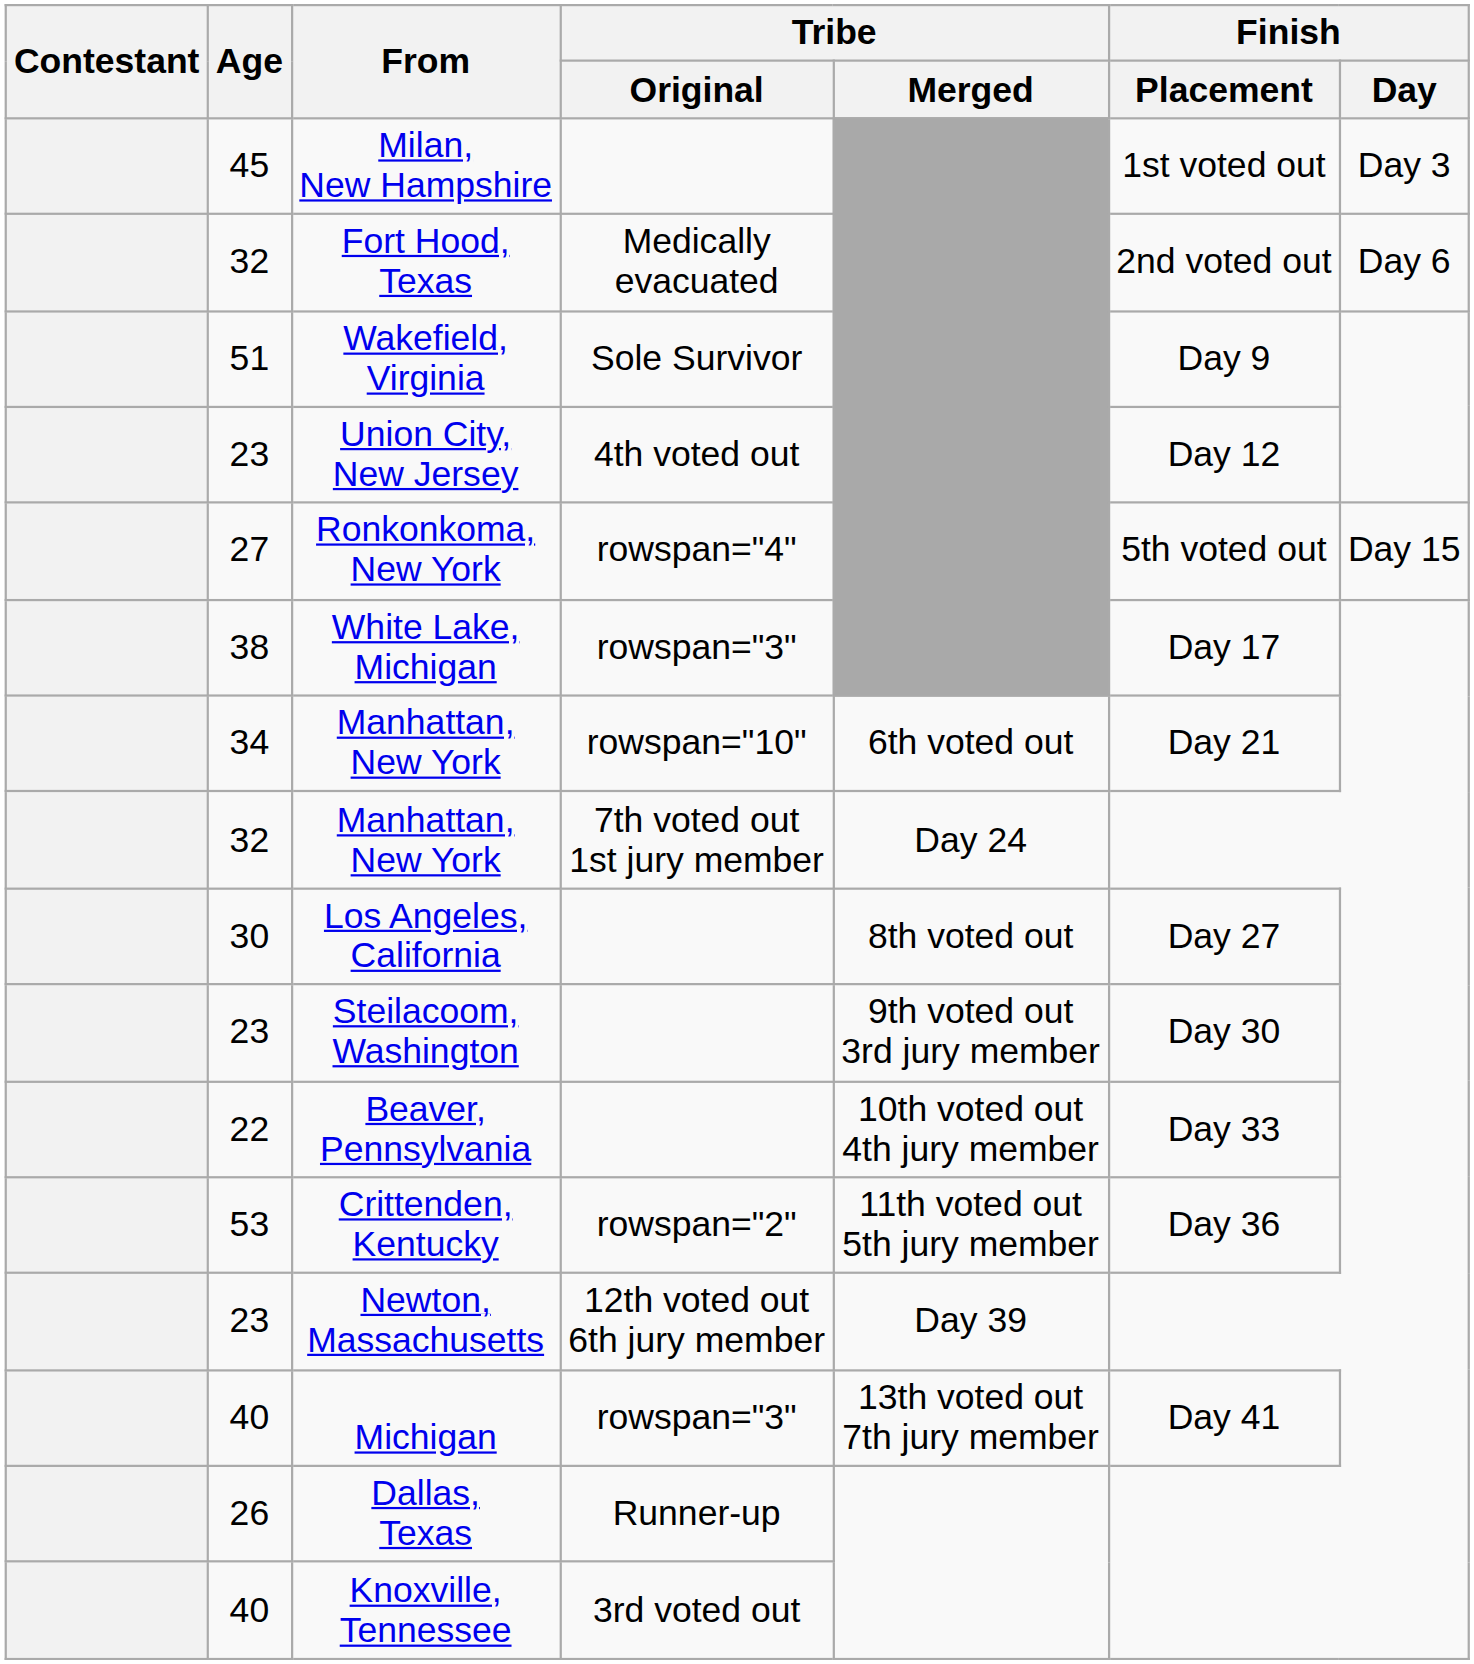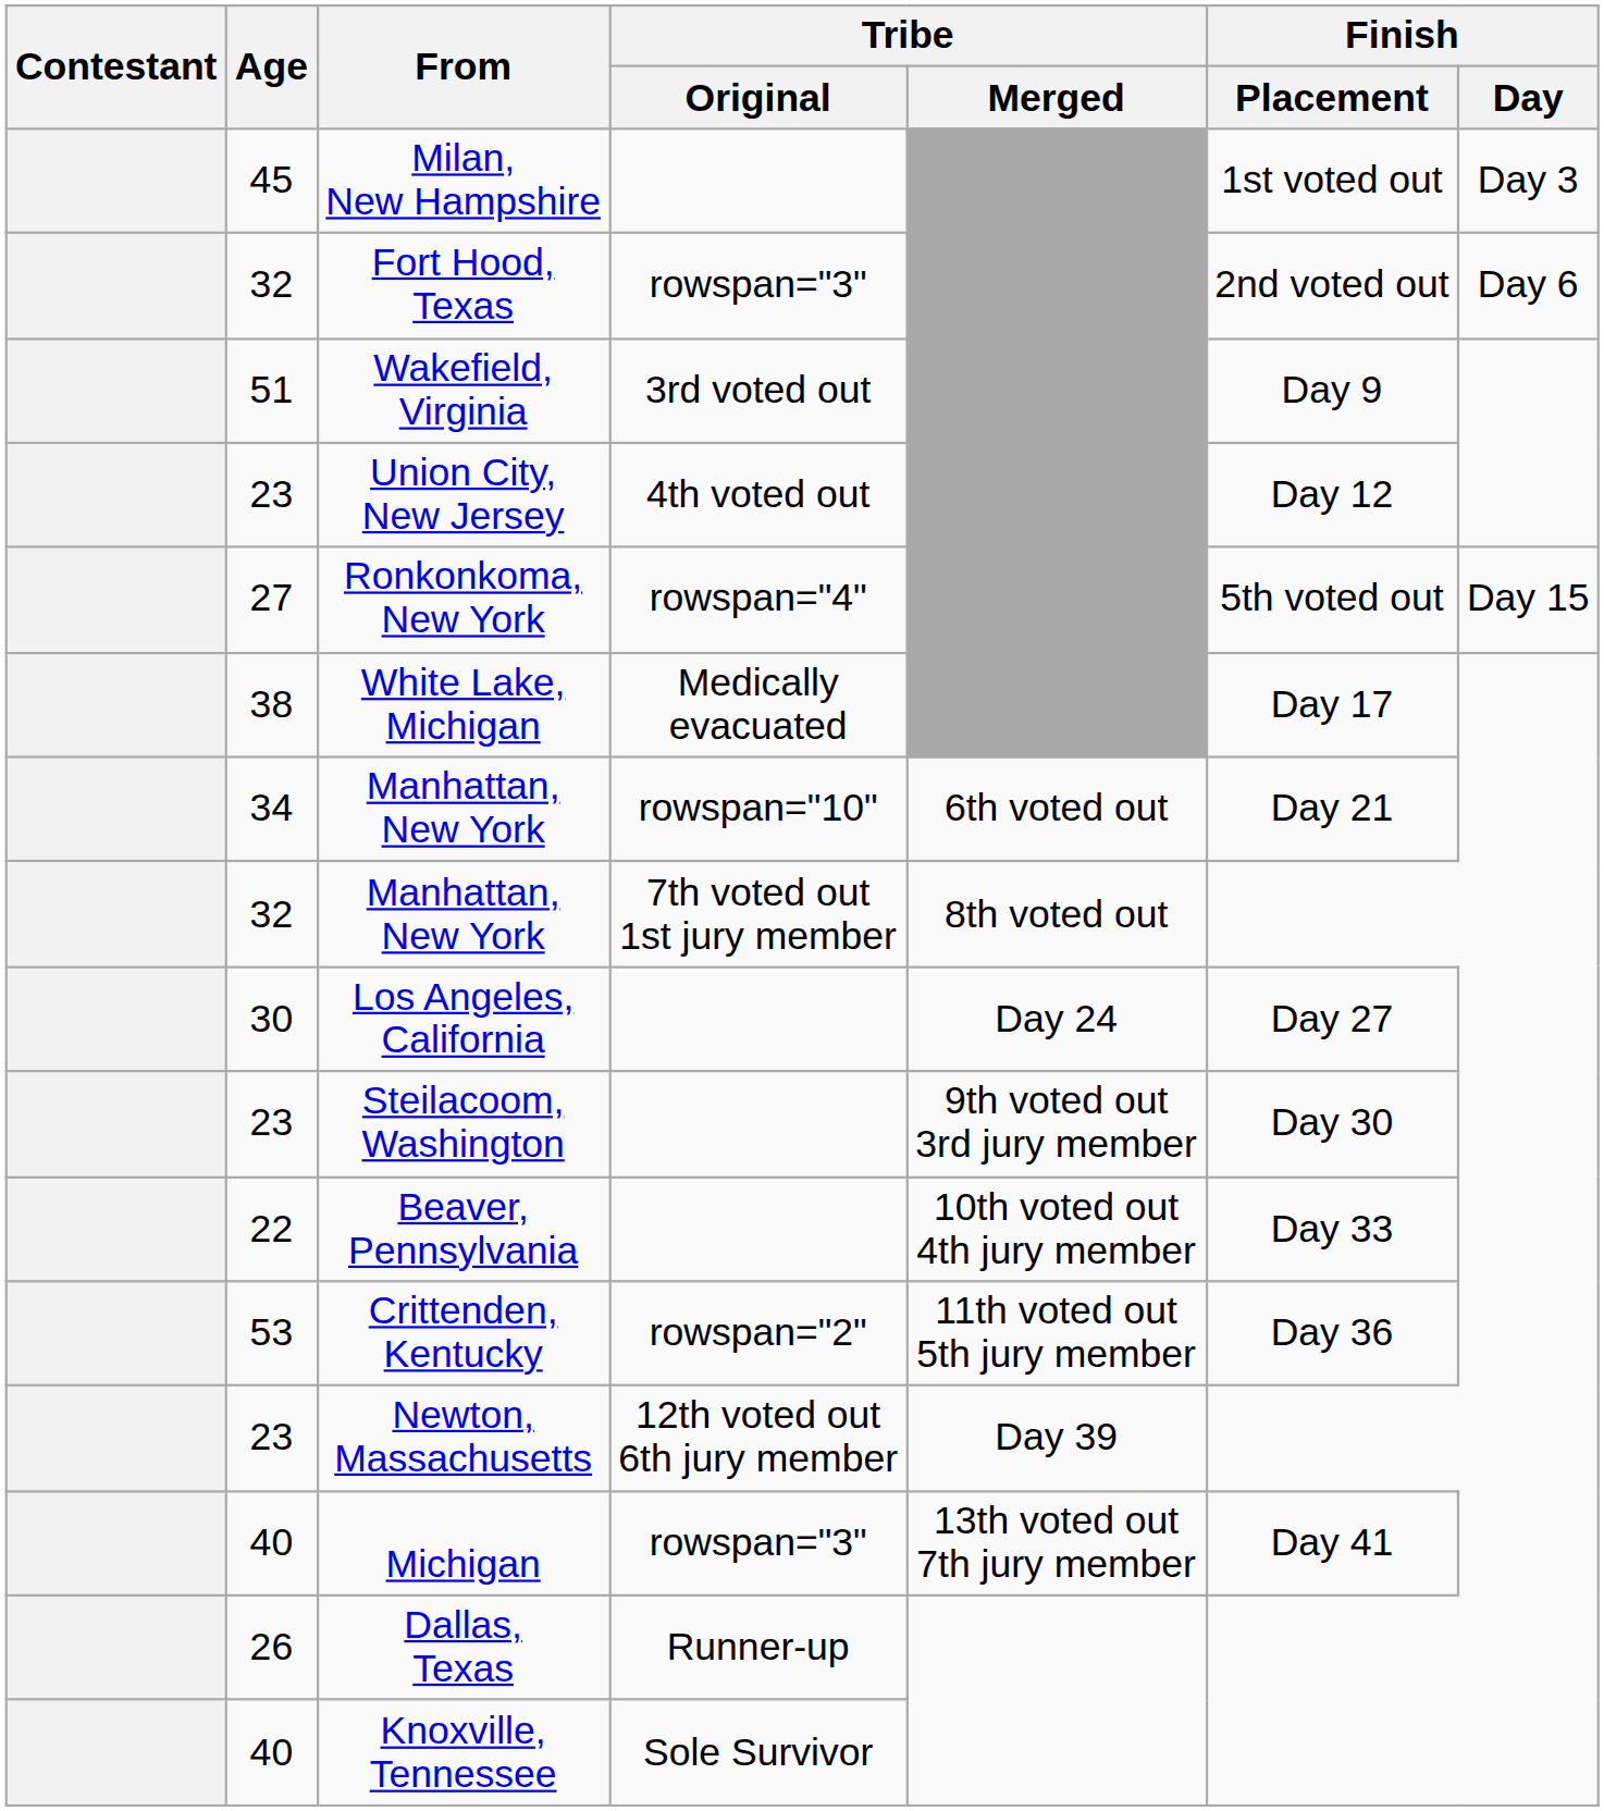 <table class="wikitable sortable" style="margin:auto; text-align:center;">
 <tr>
 <th rowspan="2" scope="col">Contestant</th>
 <th rowspan="2" scope="col">Age</th>
 <th rowspan="2" scope="col" class=unsortable>From</th>
 <th colspan="2" scope="colgroup">Tribe</th>
 <th colspan="2" scope="colgroup">Finish</th>
 </tr>
 <tr>
 <th scope="col">Original</th>
 <th scope="col" class=unsortable>Merged</th>
 <th scope="col" class=unsortable>Placement</th>
 <th scope="col" class=unsortable>Day</th>
 </tr>
 <tr>
 <th scope="row" style="text-align:left;"></th>
 <td>45</td>
 <td><a href='#'>Milan,<br>New Hampshire</a></td>
 <td></td>
 <td rowspan="6" style="background-color:darkgrey;"></td>
 <td>1st voted out</td>
 <td>Day 3</td>
 </tr>
 <tr>
 <th scope="row" style="text-align:left;"></th>
 <td>32</td>
 <td><a href='#'>Fort Hood,<br>Texas</a></td>
-<td>Medically<br>evacuated</td>
+<td>rowspan="3" </td>
 <td>2nd voted out</td>
 <td>Day 6</td>
 </tr>
 <tr>
 <th scope="row" style="text-align:left;"></th>
 <td>51</td>
 <td><a href='#'>Wakefield,<br>Virginia</a></td>
-<td>Sole Survivor</td>
+<td>3rd voted out</td>
 <td>Day 9</td>
 </tr>
 <tr>
 <th scope="row" style="text-align:left;"></th>
 <td>23</td>
 <td><a href='#'>Union City,<br>New Jersey</a></td>
 <td>4th voted out</td>
 <td>Day 12</td>
 </tr>
 <tr>
 <th scope="row" style="text-align:left;"></th>
 <td>27</td>
 <td><a href='#'>Ronkonkoma,<br>New York</a></td>
 <td>rowspan="4" </td>
 <td>5th voted out</td>
 <td>Day 15</td>
 </tr>
 <tr>
 <th scope="row" style="text-align:left;"></th>
 <td>38</td>
 <td><a href='#'>White Lake,<br>Michigan</a></td>
-<td>rowspan="3" </td>
+<td>Medically<br>evacuated</td>
 <td>Day 17</td>
 </tr>
 <tr>
 <th scope="row" style="text-align:left;"></th>
 <td>34</td>
 <td><a href='#'>Manhattan,<br>New York</a></td>
 <td>rowspan="10" </td>
 <td>6th voted out</td>
 <td>Day 21</td>
 </tr>
 <tr>
 <th scope="row" style="text-align:left;"></th>
 <td>32</td>
 <td><a href='#'>Manhattan,<br>New York</a></td>
 <td>7th voted out<br>1st jury member</td>
-<td>Day 24</td>
+<td>8th voted out<br></td>
 </tr>
 <tr>
 <th scope="row" style="text-align:left;"></th>
 <td>30</td>
 <td><a href='#'>Los Angeles,<br>California</a></td>
 <td></td>
-<td>8th voted out<br></td>
+<td>Day 24</td>
 <td>Day 27</td>
 </tr>
 <tr>
 <th scope="row" style="text-align:left;"></th>
 <td>23</td>
 <td><a href='#'>Steilacoom,<br>Washington</a></td>
 <td></td>
 <td>9th voted out<br>3rd jury member</td>
 <td>Day 30</td>
 </tr>
 <tr>
 <th scope="row" style="text-align:left;"></th>
 <td>22</td>
 <td><a href='#'>Beaver,<br>Pennsylvania</a></td>
 <td></td>
 <td>10th voted out<br>4th jury member</td>
 <td>Day 33</td>
 </tr>
 <tr>
 <th scope="row" style="text-align:left;"></th>
 <td>53</td>
 <td><a href='#'>Crittenden,<br>Kentucky</a></td>
 <td>rowspan="2" </td>
 <td>11th voted out<br>5th jury member</td>
 <td>Day 36</td>
 </tr>
 <tr>
 <th scope="row" style="text-align:left;"></th>
 <td>23</td>
 <td><a href='#'>Newton,<br>Massachusetts</a></td>
 <td>12th voted out<br>6th jury member</td>
 <td>Day 39</td>
 </tr>
 <tr>
 <th scope="row" style="text-align:left;"></th>
 <td>40</td>
 <td><a href='#'><br>Michigan</a></td>
 <td>rowspan="3" </td>
 <td>13th voted out<br>7th jury member</td>
 <td>Day 41</td>
 </tr>
 <tr>
 <th scope="row" style="text-align:left;"></th>
 <td>26</td>
 <td><a href='#'>Dallas,<br>Texas</a></td>
 <td>Runner-up</td>
 <td rowspan="2"></td>
 </tr>
 <tr>
 <th scope="row" style="text-align:left;"></th>
 <td>40</td>
 <td><a href='#'>Knoxville,<br>Tennessee</a></td>
-<td>3rd voted out</td>
+<td>Sole Survivor</td>
 </tr>
 </table>
